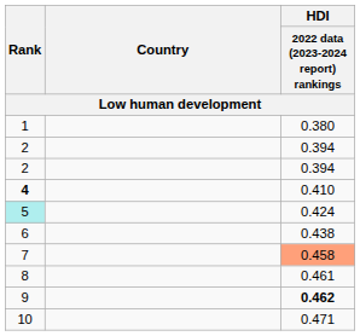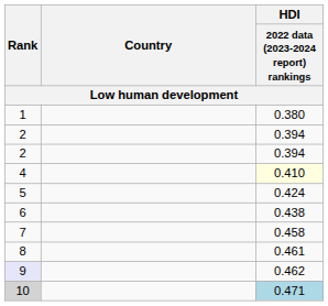 <table class="wikitable sortable" style="text-align:center">
 <tr>
 <th scope="col" rowspan="2">Rank</th>
 <th scope="col" rowspan="2" style="width:17em;">Country</th>
 <th scope="col" colspan="2">HDI</th>
 </tr>
 <tr>
 <th scope="col" style="width:5em;"><small>2022 data (2023-2024 report) rankings</small></th>
 </tr>
 <tr>
 <th scope="row" colspan="4">Low human development</th>
 </tr>
 <tr>
 <td>1</td>
 <td style="text-align:left"></td>
 <td>0.380</td>
 </tr>
 <tr>
 <td>2</td>
 <td style="text-align:left"></td>
 <td>0.394</td>
 </tr>
 <tr>
 <td>2</td>
 <td style="text-align:left"></td>
 <td>0.394</td>
 </tr>
 <tr>
-<td><strong>4</strong></td>
+<td>4</td>
 <td style="text-align:left"></td>
-<td>0.410</td>
+<td style="background: lightyellow;">0.410</td>
 </tr>
 <tr>
-<td style="background: paleturquoise;">5</td>
+<td>5</td>
 <td style="text-align:left"></td>
 <td>0.424</td>
 </tr>
 <tr>
 <td>6</td>
 <td style="text-align:left"></td>
 <td>0.438</td>
 </tr>
 <tr>
 <td>7</td>
 <td style="text-align:left"></td>
-<td style="background: lightsalmon;">0.458</td>
+<td>0.458</td>
 </tr>
 <tr>
 <td>8</td>
 <td style="text-align:left"></td>
 <td>0.461</td>
 </tr>
 <tr>
-<td>9</td>
+<td style="background: lavender;">9</td>
 <td style="text-align:left"></td>
-<td><strong>0.462</strong></td>
+<td>0.462</td>
 </tr>
 <tr>
-<td>10</td>
+<td style="background: lightgrey;">10</td>
 <td style="text-align:left"></td>
-<td>0.471</td>
+<td style="background: lightblue;">0.471</td>
 </tr>
 </table>
